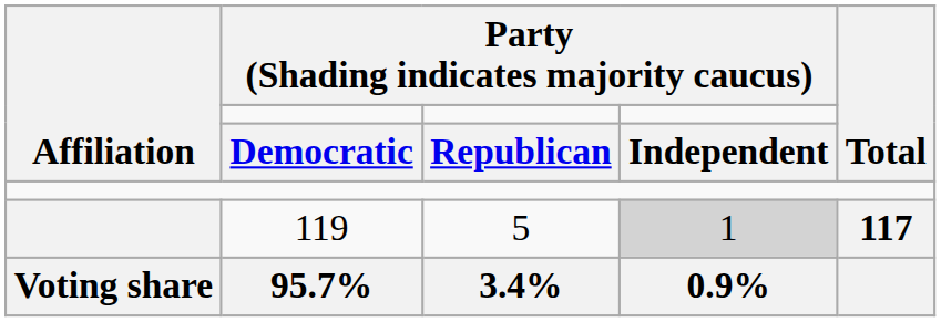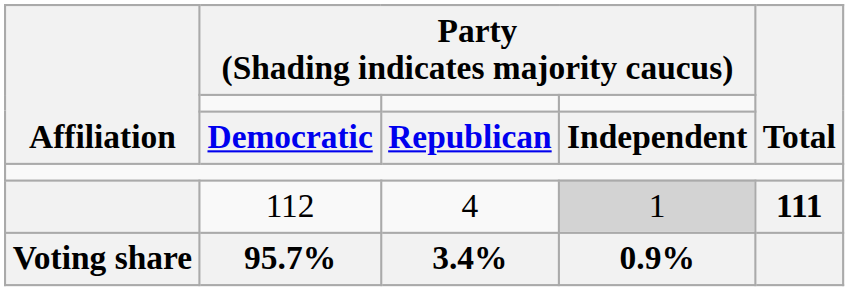 <table class=wikitable style="text-align:center">
 <tr style="vertical-align:bottom;">
 <th rowspan=3>Affiliation</th>
 <th colspan=3>Party <div>(Shading indicates majority caucus)</div></th>
 <th rowspan=3>Total</th>
 </tr>
 <tr style="height:5px">
 <td style="background-color:"></td>
 <td style="background-color:"></td>
 <td></td>
 </tr>
 <tr>
 <th><a href='#'>Democratic</a></th>
 <th><a href='#'>Republican</a></th>
 <th>Independent</th>
 </tr>
 <tr>
 <td colspan=5></td>
 </tr>
 <tr>
 <th nowrap style="font-size:80%"></th>
-<td>119</td>
-<td>5</td>
+<td>112</td>
+<td>4</td>
 <td style="background: lightgrey;">1</td>
-<th>117</th>
+<th>111</th>
 </tr>
 <tr>
 <th>Voting share</th>
 <th>95.7%</th>
 <th>3.4%</th>
 <th>0.9%</th>
 <th colspan=3></th>
 </tr>
 </table>
